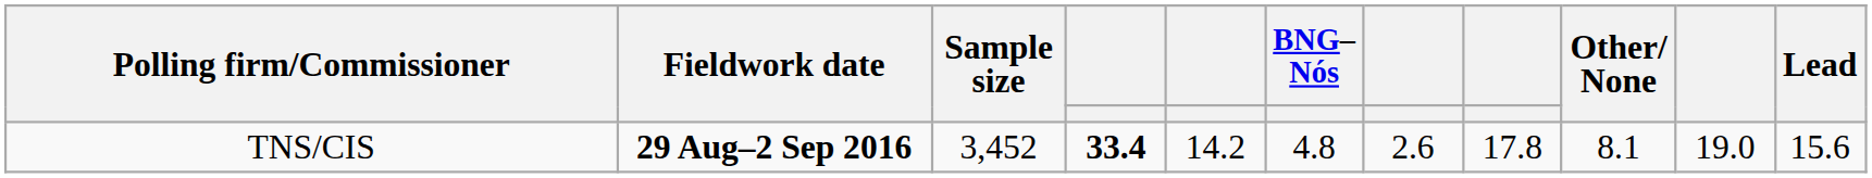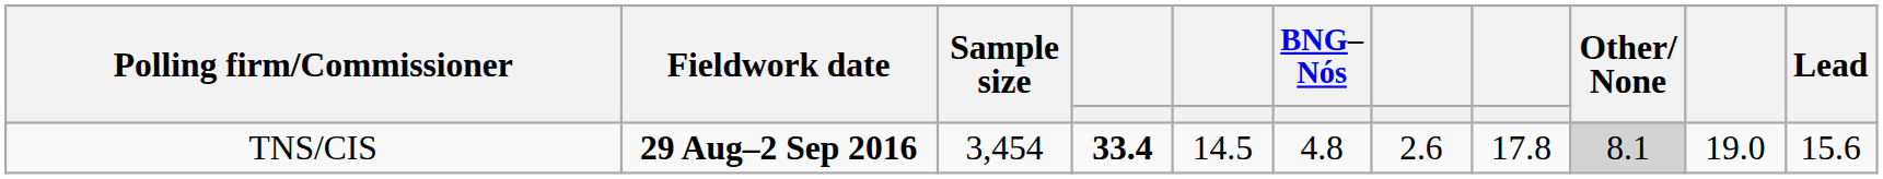 <table class="wikitable collapsible collapsed" style="text-align:center; font-size:90%; line-height:14px;">
 <tr style="height:42px;">
 <th style="width:250px;" rowspan="2">Polling firm/Commissioner</th>
 <th style="width:125px;" rowspan="2">Fieldwork date</th>
 <th style="width:50px;" rowspan="2">Sample size</th>
 <th style="width:35px;"></th>
 <th style="width:35px;"></th>
 <th style="width:35px; font-size:90%;"><a href='#'>BNG</a>–<br><a href='#'>Nós</a></th>
 <th style="width:35px;"></th>
 <th style="width:35px;"></th>
 <th style="width:35px;" rowspan="2">Other/<br>None</th>
 <th style="width:35px;" rowspan="2"></th>
 <th style="width:30px;" rowspan="2">Lead</th>
 </tr>
 <tr>
 <th style="color:inherit;background:"></th>
 <th style="color:inherit;background:"></th>
 <th style="color:inherit;background:"></th>
 <th style="color:inherit;background:"></th>
 <th style="color:inherit;background:"></th>
 </tr>
 <tr>
 <td>TNS/CIS</td>
 <td><strong>29 Aug–2 Sep 2016</strong></td>
-<td>3,452</td>
+<td>3,454</td>
 <td><strong>33.4</strong></td>
-<td>14.2</td>
+<td>14.5</td>
 <td>4.8</td>
 <td>2.6</td>
 <td>17.8</td>
-<td>8.1</td>
+<td style="background: lightgrey;">8.1</td>
 <td>19.0</td>
 <td style="background:">15.6</td>
 </tr>
 </table>
